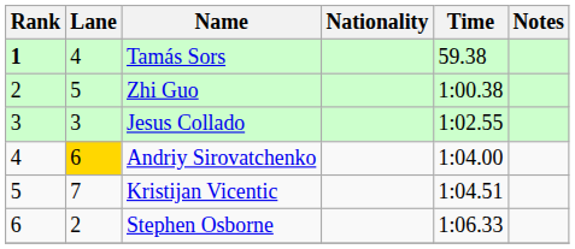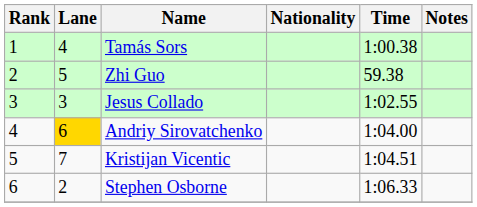 <table class="wikitable">
 <tr>
 <th>Rank</th>
 <th>Lane</th>
 <th>Name</th>
 <th>Nationality</th>
 <th>Time</th>
 <th>Notes</th>
 </tr>
 <tr>
-<td bgcolor=ccffcc><strong>1</strong></td>
+<td bgcolor=ccffcc>1</td>
 <td bgcolor=ccffcc>4</td>
 <td bgcolor=ccffcc><a href='#'>Tamás Sors</a></td>
 <td bgcolor=ccffcc></td>
-<td bgcolor=ccffcc>59.38</td>
+<td bgcolor=ccffcc>1:00.38</td>
 <td bgcolor=ccffcc></td>
 </tr>
 <tr>
 <td bgcolor=ccffcc>2</td>
 <td bgcolor=ccffcc>5</td>
 <td bgcolor=ccffcc><a href='#'>Zhi Guo</a></td>
 <td bgcolor=ccffcc></td>
-<td bgcolor=ccffcc>1:00.38</td>
+<td bgcolor=ccffcc>59.38</td>
 <td bgcolor=ccffcc></td>
 </tr>
 <tr>
 <td bgcolor=ccffcc>3</td>
 <td bgcolor=ccffcc>3</td>
 <td bgcolor=ccffcc><a href='#'>Jesus Collado</a></td>
 <td bgcolor=ccffcc></td>
 <td bgcolor=ccffcc>1:02.55</td>
 <td bgcolor=ccffcc></td>
 </tr>
 <tr>
 <td>4</td>
 <td style="background: gold;">6</td>
 <td><a href='#'>Andriy Sirovatchenko</a></td>
 <td></td>
 <td>1:04.00</td>
 <td></td>
 </tr>
 <tr>
 <td>5</td>
 <td>7</td>
 <td><a href='#'>Kristijan Vicentic</a></td>
 <td></td>
 <td>1:04.51</td>
 <td></td>
 </tr>
 <tr>
 <td>6</td>
 <td>2</td>
 <td><a href='#'>Stephen Osborne</a></td>
 <td></td>
 <td>1:06.33</td>
 <td></td>
 </tr>
 <tr>
 </tr>
 </table>
